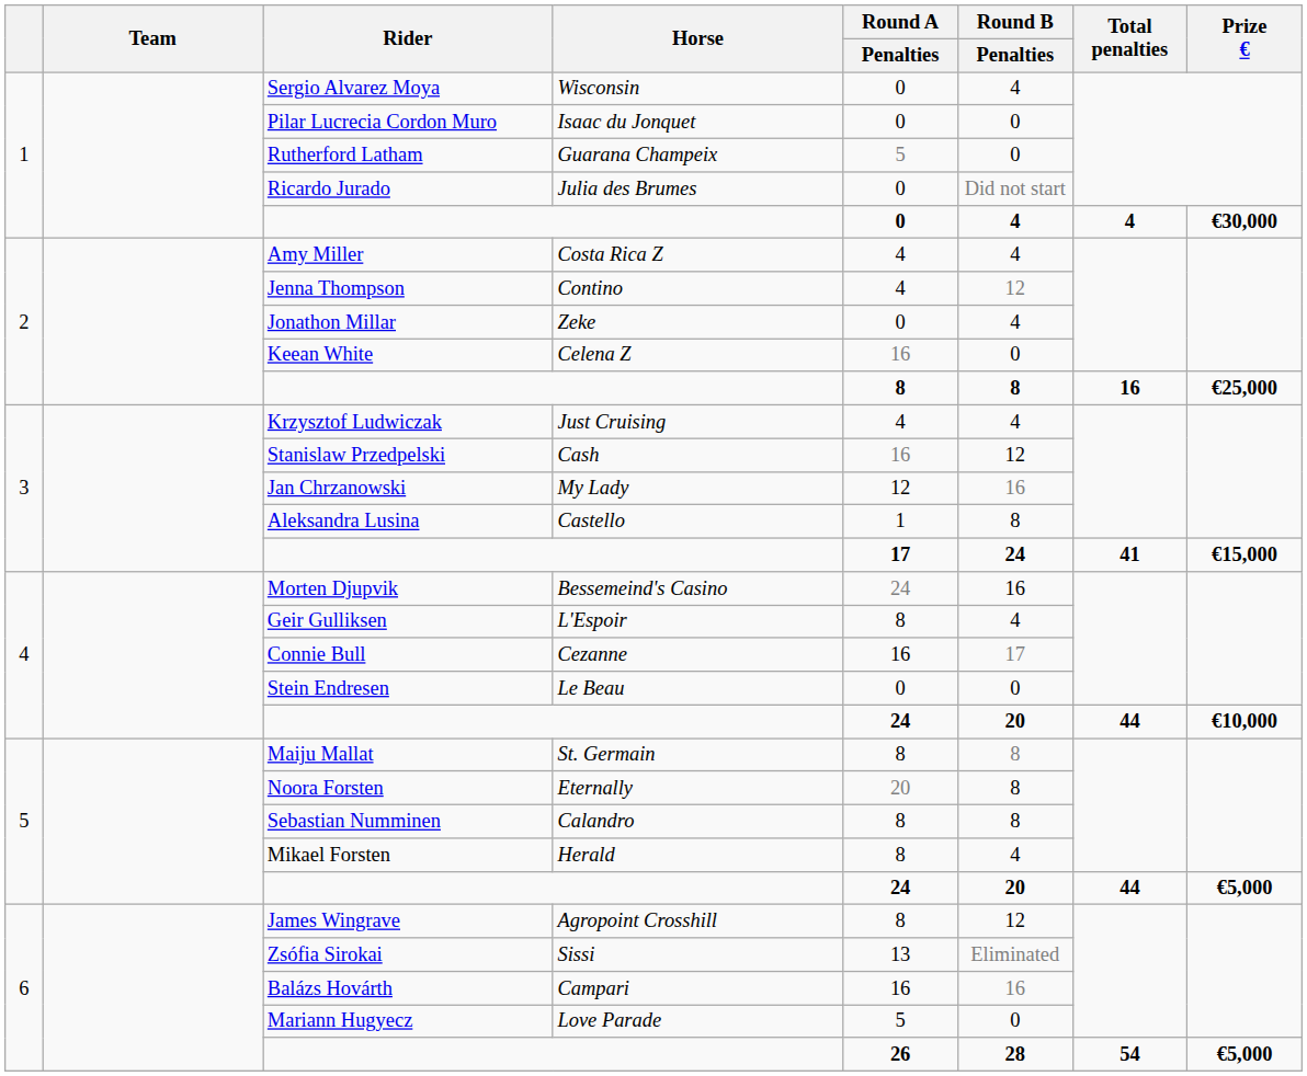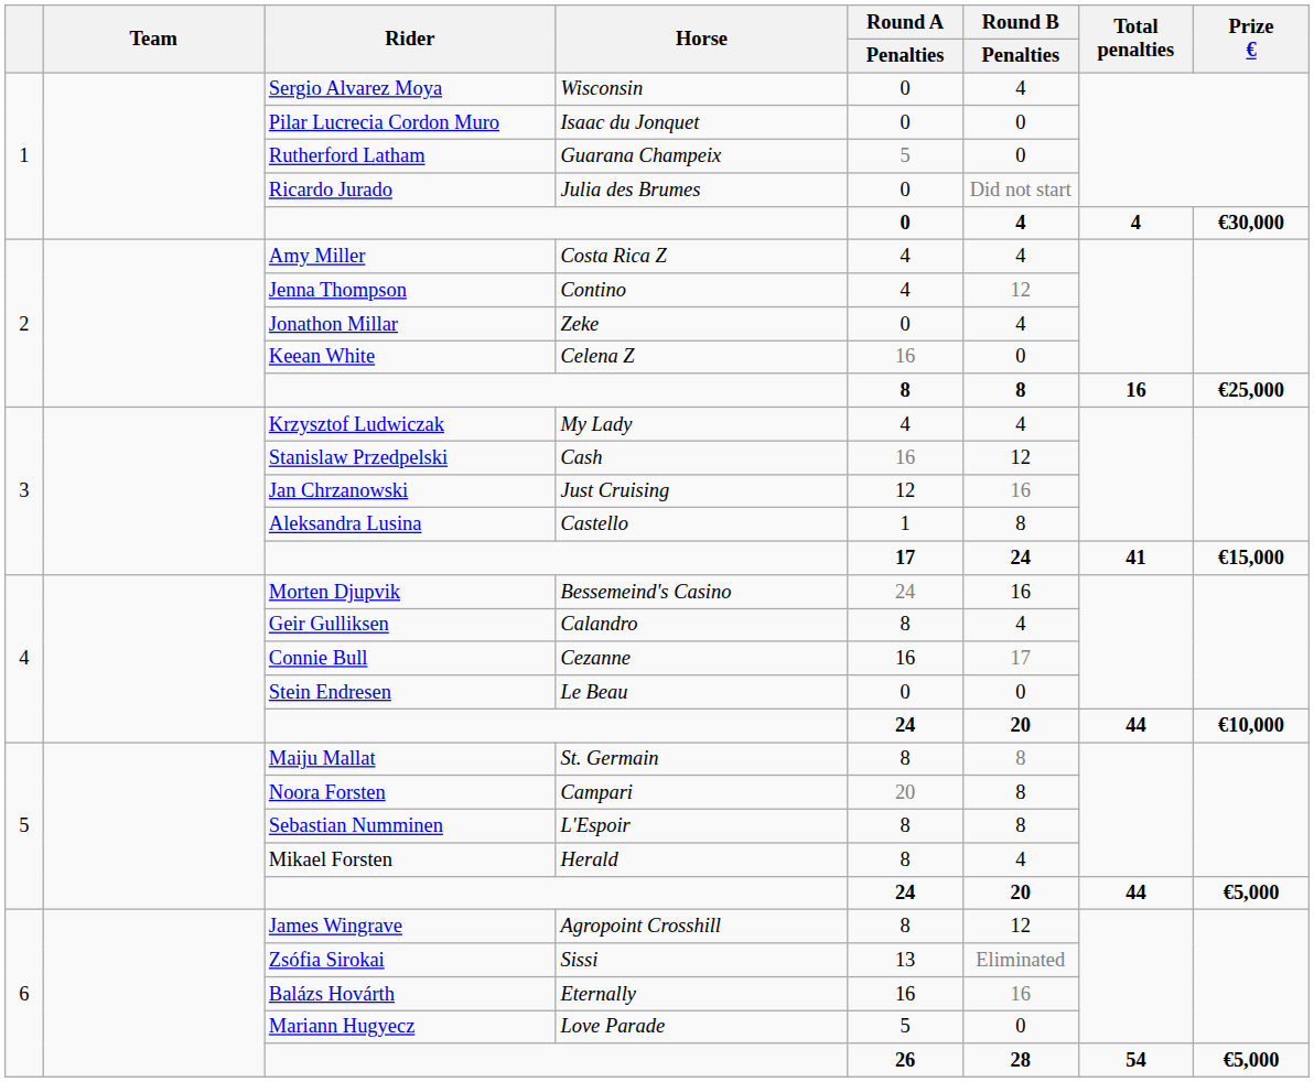 <table class="wikitable" style="font-size: 90%">
 <tr>
 <th rowspan=2 width=20></th>
 <th rowspan=2 width=150>Team</th>
 <th rowspan=2 width=200>Rider</th>
 <th rowspan=2 width=200>Horse</th>
 <th>Round A</th>
 <th>Round B</th>
 <th rowspan=2 width=75>Total penalties</th>
 <th rowspan=2 width=75>Prize<br><a href='#'>€</a></th>
 </tr>
 <tr>
 <th width=75>Penalties</th>
 <th width=75>Penalties</th>
 </tr>
 <tr>
 <td rowspan=5 align=center>1</td>
 <td rowspan=5></td>
 <td><a href='#'>Sergio Alvarez Moya</a></td>
 <td><em>Wisconsin</em></td>
 <td align=center>0</td>
 <td align=center>4</td>
 </tr>
 <tr>
 <td><a href='#'>Pilar Lucrecia Cordon Muro</a></td>
 <td><em>Isaac du Jonquet</em></td>
 <td align=center>0</td>
 <td align=center>0</td>
 </tr>
 <tr>
 <td><a href='#'>Rutherford Latham</a></td>
 <td><em>Guarana Champeix</em></td>
 <td align=center style=color:gray>5</td>
 <td align=center>0</td>
 </tr>
 <tr>
 <td><a href='#'>Ricardo Jurado</a></td>
 <td><em>Julia des Brumes</em></td>
 <td align=center>0</td>
 <td align=center style=color:gray>Did not start</td>
 </tr>
 <tr>
 <td colspan=2></td>
 <td align=center><strong>0</strong></td>
 <td align=center><strong>4</strong></td>
 <td align=center><strong>4</strong></td>
 <td align=center><strong>€30,000 </strong></td>
 </tr>
 <tr>
 <td rowspan=5 align=center>2</td>
 <td rowspan="5"></td>
 <td><a href='#'>Amy Miller</a></td>
 <td><em>Costa Rica Z</em></td>
 <td align=center>4</td>
 <td align=center>4</td>
 <td rowspan=4></td>
 </tr>
 <tr>
 <td><a href='#'>Jenna Thompson</a></td>
 <td><em>Contino</em></td>
 <td align=center>4</td>
 <td align=center style=color:gray>12</td>
 </tr>
 <tr>
 <td><a href='#'>Jonathon Millar</a></td>
 <td><em>Zeke</em></td>
 <td align=center>0</td>
 <td align=center>4</td>
 </tr>
 <tr>
 <td><a href='#'>Keean White</a></td>
 <td><em>Celena Z</em></td>
 <td align=center style=color:gray>16</td>
 <td align=center>0</td>
 </tr>
 <tr>
 <td colspan=2></td>
 <td align=center><strong>8</strong></td>
 <td align=center><strong>8</strong></td>
 <td align=center><strong>16</strong></td>
 <td align=center><strong>€25,000 </strong></td>
 </tr>
 <tr>
 <td rowspan=5 align=center>3</td>
 <td rowspan=5></td>
 <td><a href='#'>Krzysztof Ludwiczak</a></td>
-<td><em>Just Cruising</em></td>
+<td><em>My Lady</em></td>
 <td align=center>4</td>
 <td align=center>4</td>
 <td rowspan=4></td>
 </tr>
 <tr>
 <td><a href='#'>Stanislaw Przedpelski</a></td>
 <td><em>Cash</em></td>
 <td align=center style=color:gray>16</td>
 <td align=center>12</td>
 </tr>
 <tr>
 <td><a href='#'>Jan Chrzanowski</a></td>
-<td><em>My Lady</em></td>
+<td><em>Just Cruising</em></td>
 <td align=center>12</td>
 <td align=center style=color:gray>16</td>
 </tr>
 <tr>
 <td><a href='#'>Aleksandra Lusina</a></td>
 <td><em>Castello</em></td>
 <td align=center>1</td>
 <td align=center>8</td>
 </tr>
 <tr>
 <td colspan=2></td>
 <td align=center><strong>17</strong></td>
 <td align=center><strong>24</strong></td>
 <td align=center><strong>41</strong></td>
 <td align=center><strong>€15,000 </strong></td>
 </tr>
 <tr>
 <td rowspan=5 align=center>4</td>
 <td rowspan=5></td>
 <td><a href='#'>Morten Djupvik</a></td>
 <td><em>Bessemeind's Casino</em></td>
 <td align=center style=color:gray>24</td>
 <td align=center>16</td>
 <td rowspan=4></td>
 </tr>
 <tr>
 <td><a href='#'>Geir Gulliksen</a></td>
-<td><em>L'Espoir</em></td>
+<td><em>Calandro</em></td>
 <td align=center>8</td>
 <td align=center>4</td>
 </tr>
 <tr>
 <td><a href='#'>Connie Bull</a></td>
 <td><em>Cezanne</em></td>
 <td align=center>16</td>
 <td align=center style=color:gray>17</td>
 </tr>
 <tr>
 <td><a href='#'>Stein Endresen</a></td>
 <td><em>Le Beau</em></td>
 <td align=center>0</td>
 <td align=center>0</td>
 </tr>
 <tr>
 <td colspan=2></td>
 <td align=center><strong>24</strong></td>
 <td align=center><strong>20</strong></td>
 <td align=center><strong>44</strong></td>
 <td align=center><strong>€10,000 </strong></td>
 </tr>
 <tr>
 <td rowspan=5 align=center>5</td>
 <td rowspan=5></td>
 <td><a href='#'>Maiju Mallat</a></td>
 <td><em>St. Germain</em></td>
 <td align=center>8</td>
 <td align=center style=color:gray>8</td>
 <td rowspan=4></td>
 </tr>
 <tr>
 <td><a href='#'>Noora Forsten</a></td>
-<td><em>Eternally</em></td>
+<td><em>Campari</em></td>
 <td align=center style=color:gray>20</td>
 <td align=center>8</td>
 </tr>
 <tr>
 <td><a href='#'>Sebastian Numminen</a></td>
-<td><em>Calandro</em></td>
+<td><em>L'Espoir</em></td>
 <td align=center>8</td>
 <td align=center>8</td>
 </tr>
 <tr>
 <td>Mikael Forsten</td>
 <td><em>Herald</em></td>
 <td align=center>8</td>
 <td align=center>4</td>
 </tr>
 <tr>
 <td colspan=2></td>
 <td align=center><strong>24</strong></td>
 <td align=center><strong>20</strong></td>
 <td align=center><strong>44</strong></td>
 <td align=center><strong>€5,000 </strong></td>
 </tr>
 <tr>
 <td rowspan=5 align=center>6</td>
 <td rowspan=5></td>
 <td><a href='#'>James Wingrave</a></td>
 <td><em>Agropoint Crosshill</em></td>
 <td align=center>8</td>
 <td align=center>12</td>
 <td rowspan=4></td>
 </tr>
 <tr>
 <td><a href='#'>Zsófia Sirokai</a></td>
 <td><em>Sissi</em></td>
 <td align=center>13</td>
 <td align=center style=color:gray>Eliminated</td>
 </tr>
 <tr>
 <td><a href='#'>Balázs Hovárth</a></td>
-<td><em>Campari</em></td>
+<td><em>Eternally</em></td>
 <td align=center>16</td>
 <td align=center style=color:gray>16</td>
 </tr>
 <tr>
 <td><a href='#'>Mariann Hugyecz</a></td>
 <td><em>Love Parade</em></td>
 <td align=center>5</td>
 <td align=center>0</td>
 </tr>
 <tr>
 <td colspan=2></td>
 <td align=center><strong>26</strong></td>
 <td align=center><strong>28</strong></td>
 <td align=center><strong>54</strong></td>
 <td align=center><strong>€5,000 </strong></td>
 </tr>
 <tr>
 </tr>
 </table>
